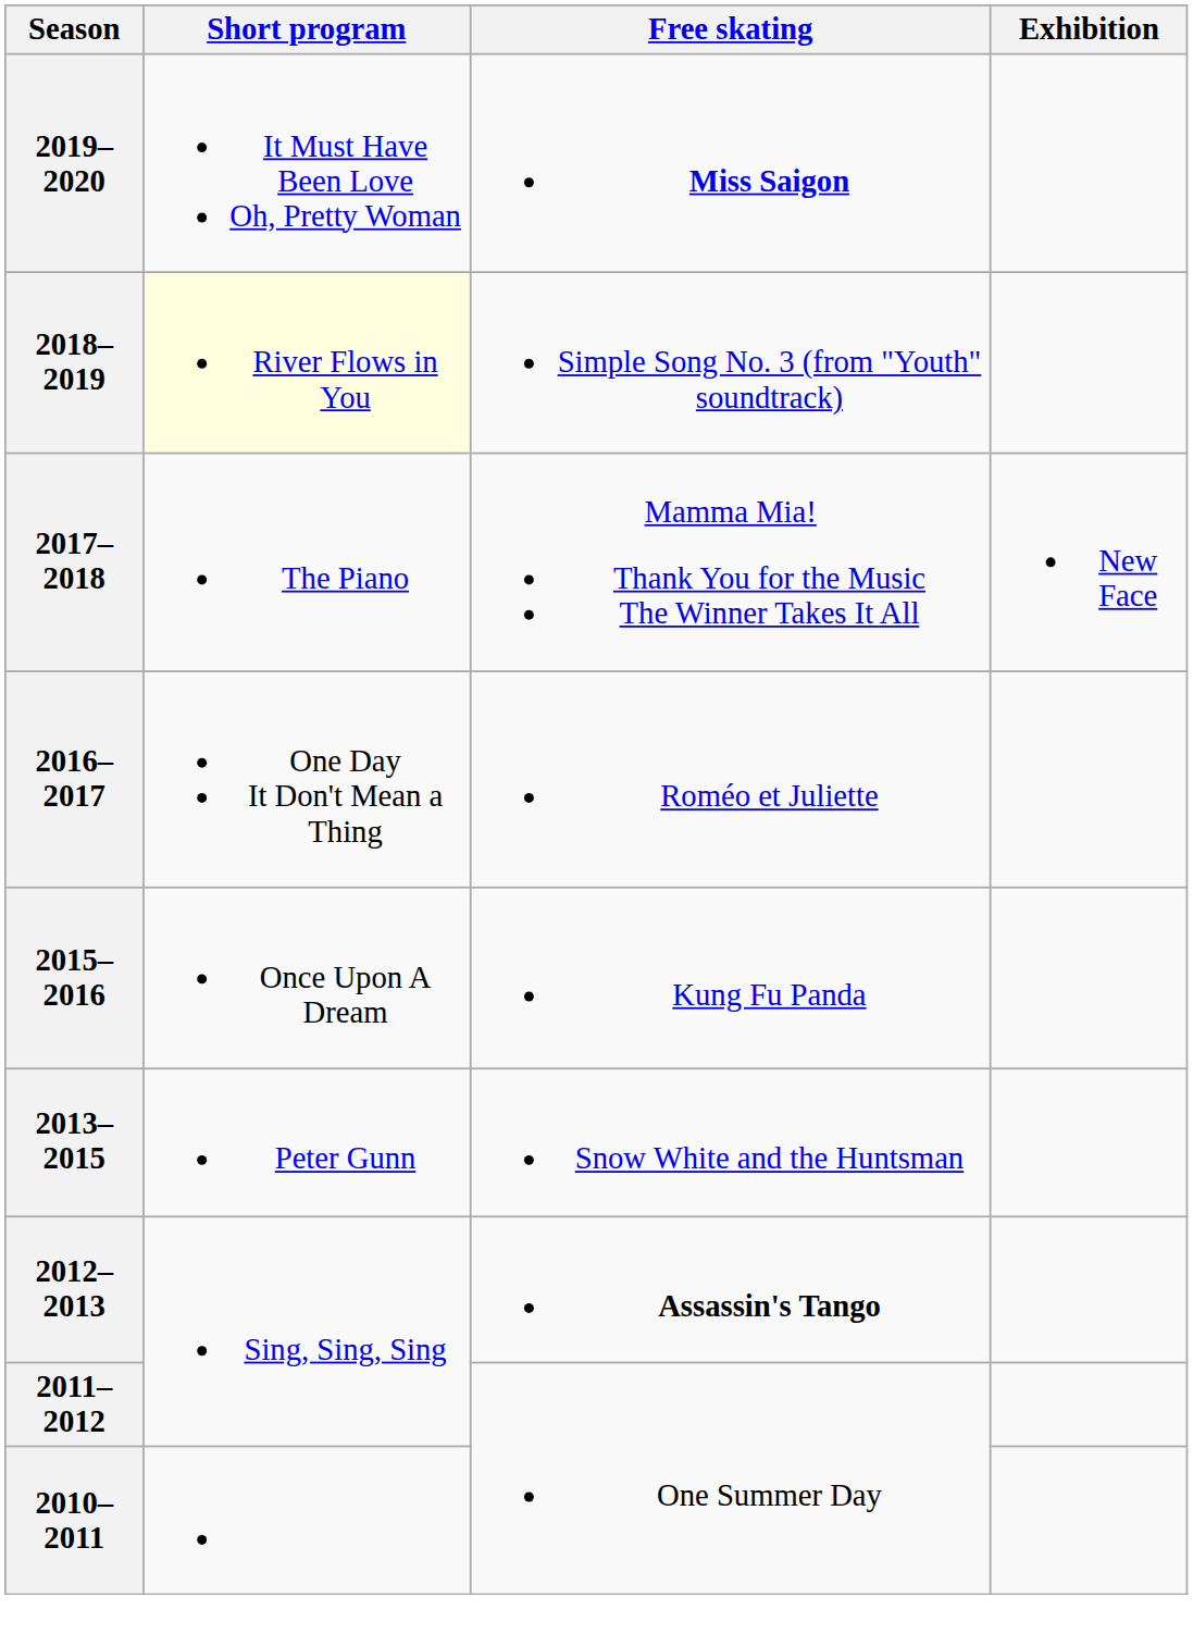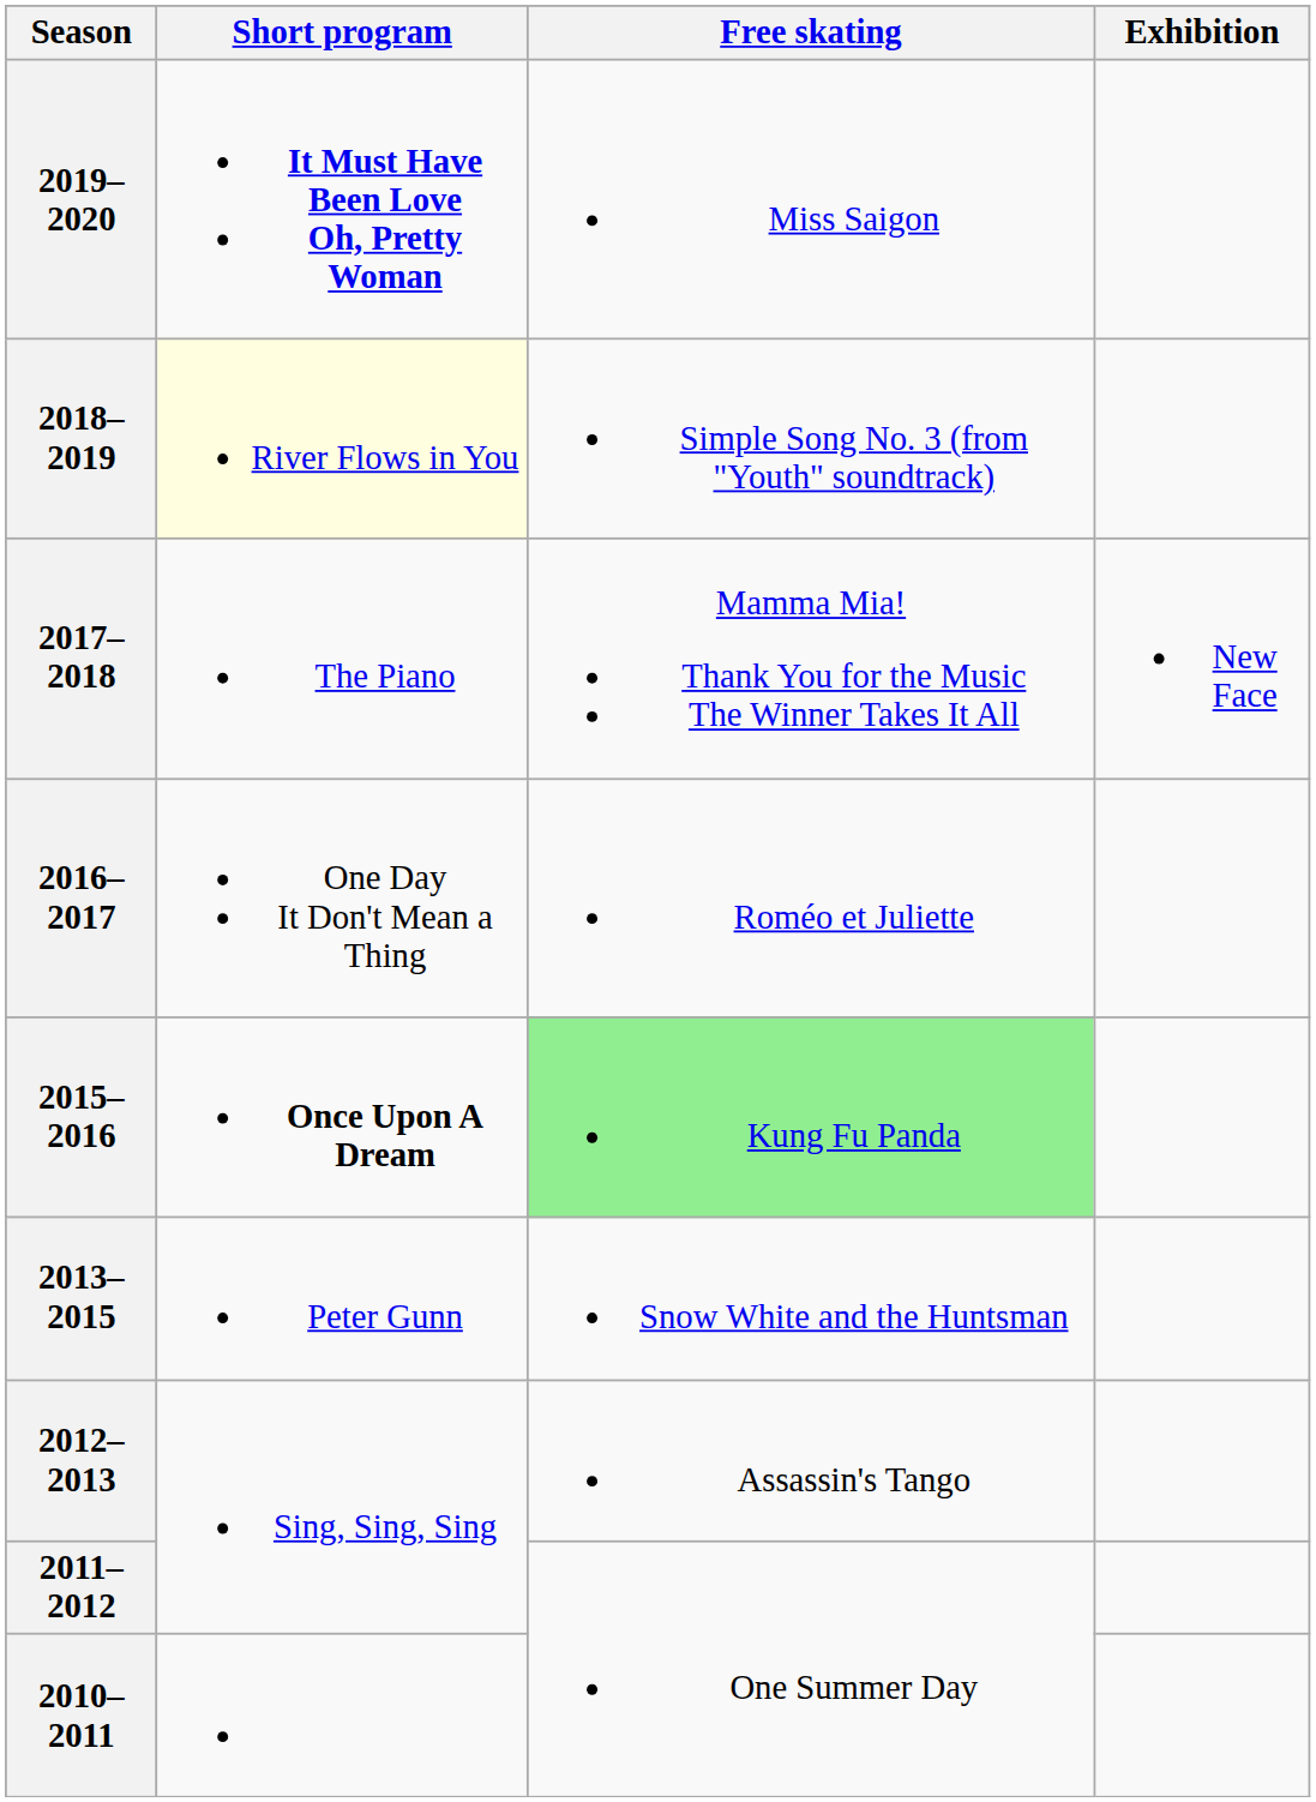 <table class="wikitable" style="text-align:center">
 <tr>
 <th>Season</th>
 <th><a href='#'>Short program</a></th>
 <th><a href='#'>Free skating</a></th>
 <th>Exhibition</th>
 </tr>
 <tr>
 <th>2019–2020</th>
-<td><br><ul><li><a href='#'>It Must Have Been Love</a> <br></li><li><a href='#'>Oh, Pretty Woman</a> <br></li></ul></td>
-<td><strong><br><ul><li><a href='#'>Miss Saigon</a> <br></li></ul></strong></td>
+<td><strong><br><ul><li><a href='#'>It Must Have Been Love</a> <br></li><li><a href='#'>Oh, Pretty Woman</a> <br></li></ul></strong></td>
+<td><br><ul><li><a href='#'>Miss Saigon</a> <br></li></ul></td>
 <td></td>
 </tr>
 <tr>
 <th>2018–2019</th>
 <td style="background: lightyellow;"><br><ul><li><a href='#'>River Flows in You</a> <br></li></ul></td>
 <td><br><ul><li><a href='#'>Simple Song No. 3 (from "Youth" soundtrack)</a> <br></li></ul></td>
 <td></td>
 </tr>
 <tr>
 <th>2017–2018 <br></th>
 <td><br><ul><li><a href='#'>The Piano</a> <br></li></ul></td>
 <td><br><a href='#'>Mamma Mia!</a><ul><li><a href='#'>Thank You for the Music</a></li><li><a href='#'>The Winner Takes It All</a> <br></li></ul></td>
 <td><br><ul><li><a href='#'>New Face</a> <br></li></ul></td>
 </tr>
 <tr>
 <th>2016–2017 <br> </th>
 <td><br><ul><li>One Day <br></li><li>It Don't Mean a Thing <br></li></ul></td>
 <td><br><ul><li><a href='#'>Roméo et Juliette</a> <br></li></ul></td>
 <td></td>
 </tr>
 <tr>
 <th>2015–2016 <br> </th>
-<td><br><ul><li>Once Upon A Dream <br></li></ul></td>
-<td><br><ul><li><a href='#'>Kung Fu Panda</a> <br></li></ul></td>
+<td><strong><br><ul><li>Once Upon A Dream <br></li></ul></strong></td>
+<td style="background: lightgreen;"><br><ul><li><a href='#'>Kung Fu Panda</a> <br></li></ul></td>
 <td></td>
 </tr>
 <tr>
 <th>2013–2015</th>
 <td><br><ul><li><a href='#'>Peter Gunn</a> <br></li></ul></td>
 <td><br><ul><li><a href='#'>Snow White and the Huntsman</a> <br></li></ul></td>
 <td></td>
 </tr>
 <tr>
 <th>2012–2013</th>
 <td rowspan=2><br><ul><li><a href='#'>Sing, Sing, Sing</a> <br></li></ul></td>
-<td><strong><br><ul><li>Assassin's Tango <br></li></ul></strong></td>
+<td><br><ul><li>Assassin's Tango <br></li></ul></td>
 <td></td>
 </tr>
 <tr>
 <th>2011–2012</th>
 <td rowspan=2><br><ul><li>One Summer Day <br></li></ul></td>
 <td></td>
 </tr>
 <tr>
 <th>2010–2011</th>
 <td><br><ul><li></li></ul></td>
 <td></td>
 </tr>
 </table>
